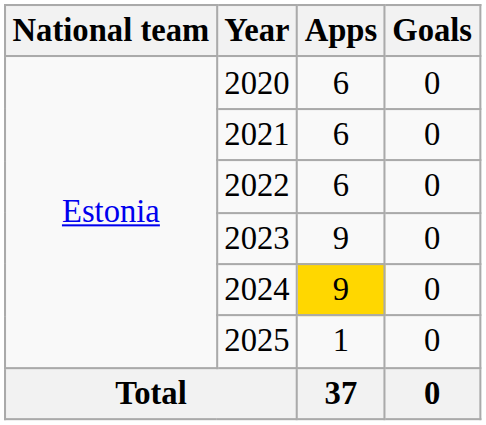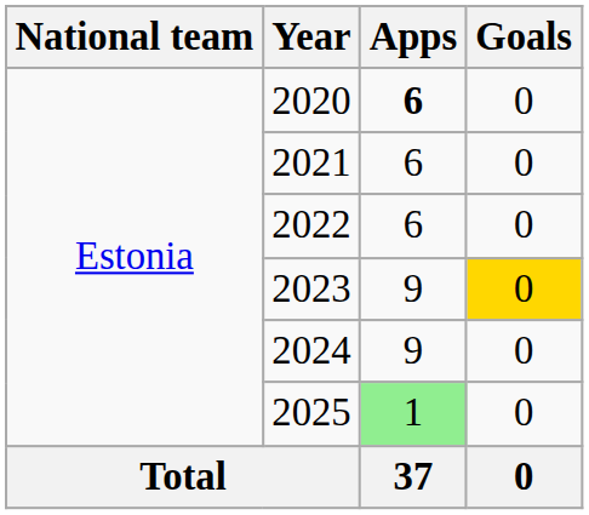 <table class="wikitable" style="text-align:center">
 <tr>
 <th>National team</th>
 <th>Year</th>
 <th>Apps</th>
 <th>Goals</th>
 </tr>
 <tr>
 <td rowspan="6"><a href='#'>Estonia</a></td>
 <td>2020</td>
-<td>6</td>
+<td><strong>6</strong></td>
 <td>0</td>
 </tr>
 <tr>
 <td>2021</td>
 <td>6</td>
 <td>0</td>
 </tr>
 <tr>
 <td>2022</td>
 <td>6</td>
 <td>0</td>
 </tr>
 <tr>
 <td>2023</td>
 <td>9</td>
-<td>0</td>
+<td style="background: gold;">0</td>
 </tr>
 <tr>
 <td>2024</td>
-<td style="background: gold;">9</td>
+<td>9</td>
 <td>0</td>
 </tr>
 <tr>
 <td>2025</td>
-<td>1</td>
+<td style="background: lightgreen;">1</td>
 <td>0</td>
 </tr>
 <tr>
 <th colspan="2">Total</th>
 <th>37</th>
 <th>0</th>
 </tr>
 </table>
